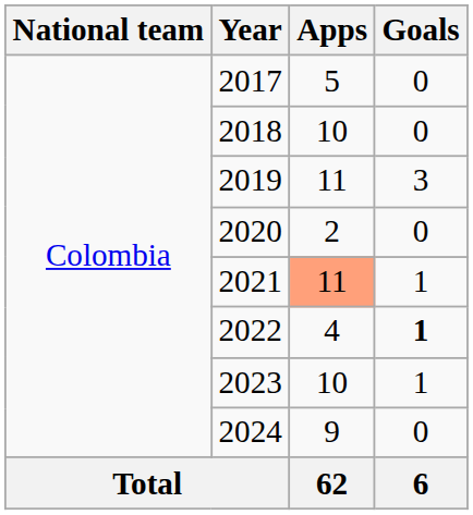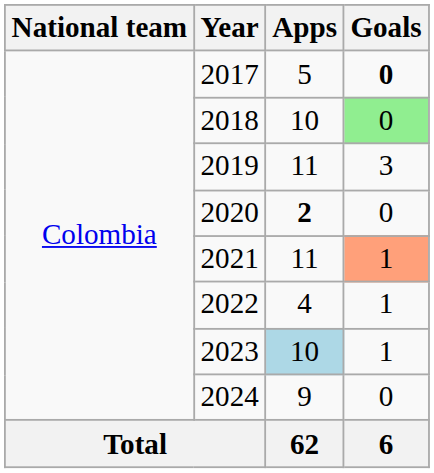 <table class="wikitable" style="text-align:center">
 <tr>
 <th>National team</th>
 <th>Year</th>
 <th>Apps</th>
 <th>Goals</th>
 </tr>
 <tr>
 <td rowspan="8"><a href='#'>Colombia</a></td>
 <td>2017</td>
 <td>5</td>
-<td>0</td>
+<td><strong>0</strong></td>
 </tr>
 <tr>
 <td>2018</td>
 <td>10</td>
-<td>0</td>
+<td style="background: lightgreen;">0</td>
 </tr>
 <tr>
 <td>2019</td>
 <td>11</td>
 <td>3</td>
 </tr>
 <tr>
 <td>2020</td>
-<td>2</td>
+<td><strong>2</strong></td>
 <td>0</td>
 </tr>
 <tr>
 <td>2021</td>
-<td style="background: lightsalmon;">11</td>
-<td>1</td>
+<td>11</td>
+<td style="background: lightsalmon;">1</td>
 </tr>
 <tr>
 <td>2022</td>
 <td>4</td>
-<td><strong>1</strong></td>
+<td>1</td>
 </tr>
 <tr>
 <td>2023</td>
-<td>10</td>
+<td style="background: lightblue;">10</td>
 <td>1</td>
 </tr>
 <tr>
 <td>2024</td>
 <td>9</td>
 <td>0</td>
 </tr>
 <tr>
 <th colspan="2">Total</th>
 <th>62</th>
 <th>6</th>
 </tr>
 </table>
